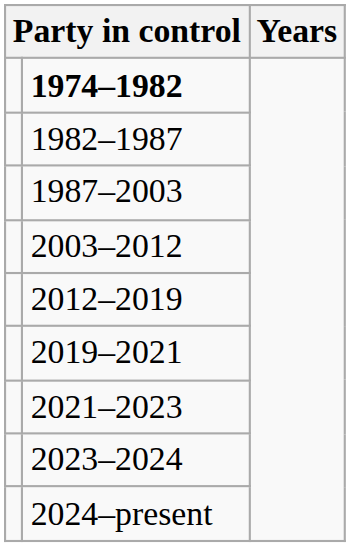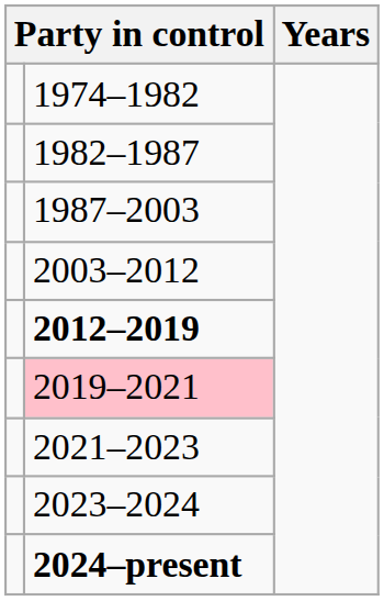 <table class="wikitable">
 <tr>
 <th colspan=2>Party in control</th>
 <th>Years</th>
 </tr>
 <tr>
 <td></td>
-<td><strong>1974–1982</strong></td>
+<td>1974–1982</td>
 </tr>
 <tr>
 <td></td>
 <td>1982–1987</td>
 </tr>
 <tr>
 <td></td>
 <td>1987–2003</td>
 </tr>
 <tr>
 <td></td>
 <td>2003–2012</td>
 </tr>
 <tr>
 <td></td>
-<td>2012–2019</td>
+<td><strong>2012–2019</strong></td>
 </tr>
 <tr>
 <td></td>
-<td>2019–2021</td>
+<td style="background: pink;">2019–2021</td>
 </tr>
 <tr>
 <td></td>
 <td>2021–2023</td>
 </tr>
 <tr>
 <td></td>
 <td>2023–2024</td>
 </tr>
 <tr>
 <td></td>
-<td>2024–present</td>
+<td><strong>2024–present</strong></td>
 </tr>
 </table>
